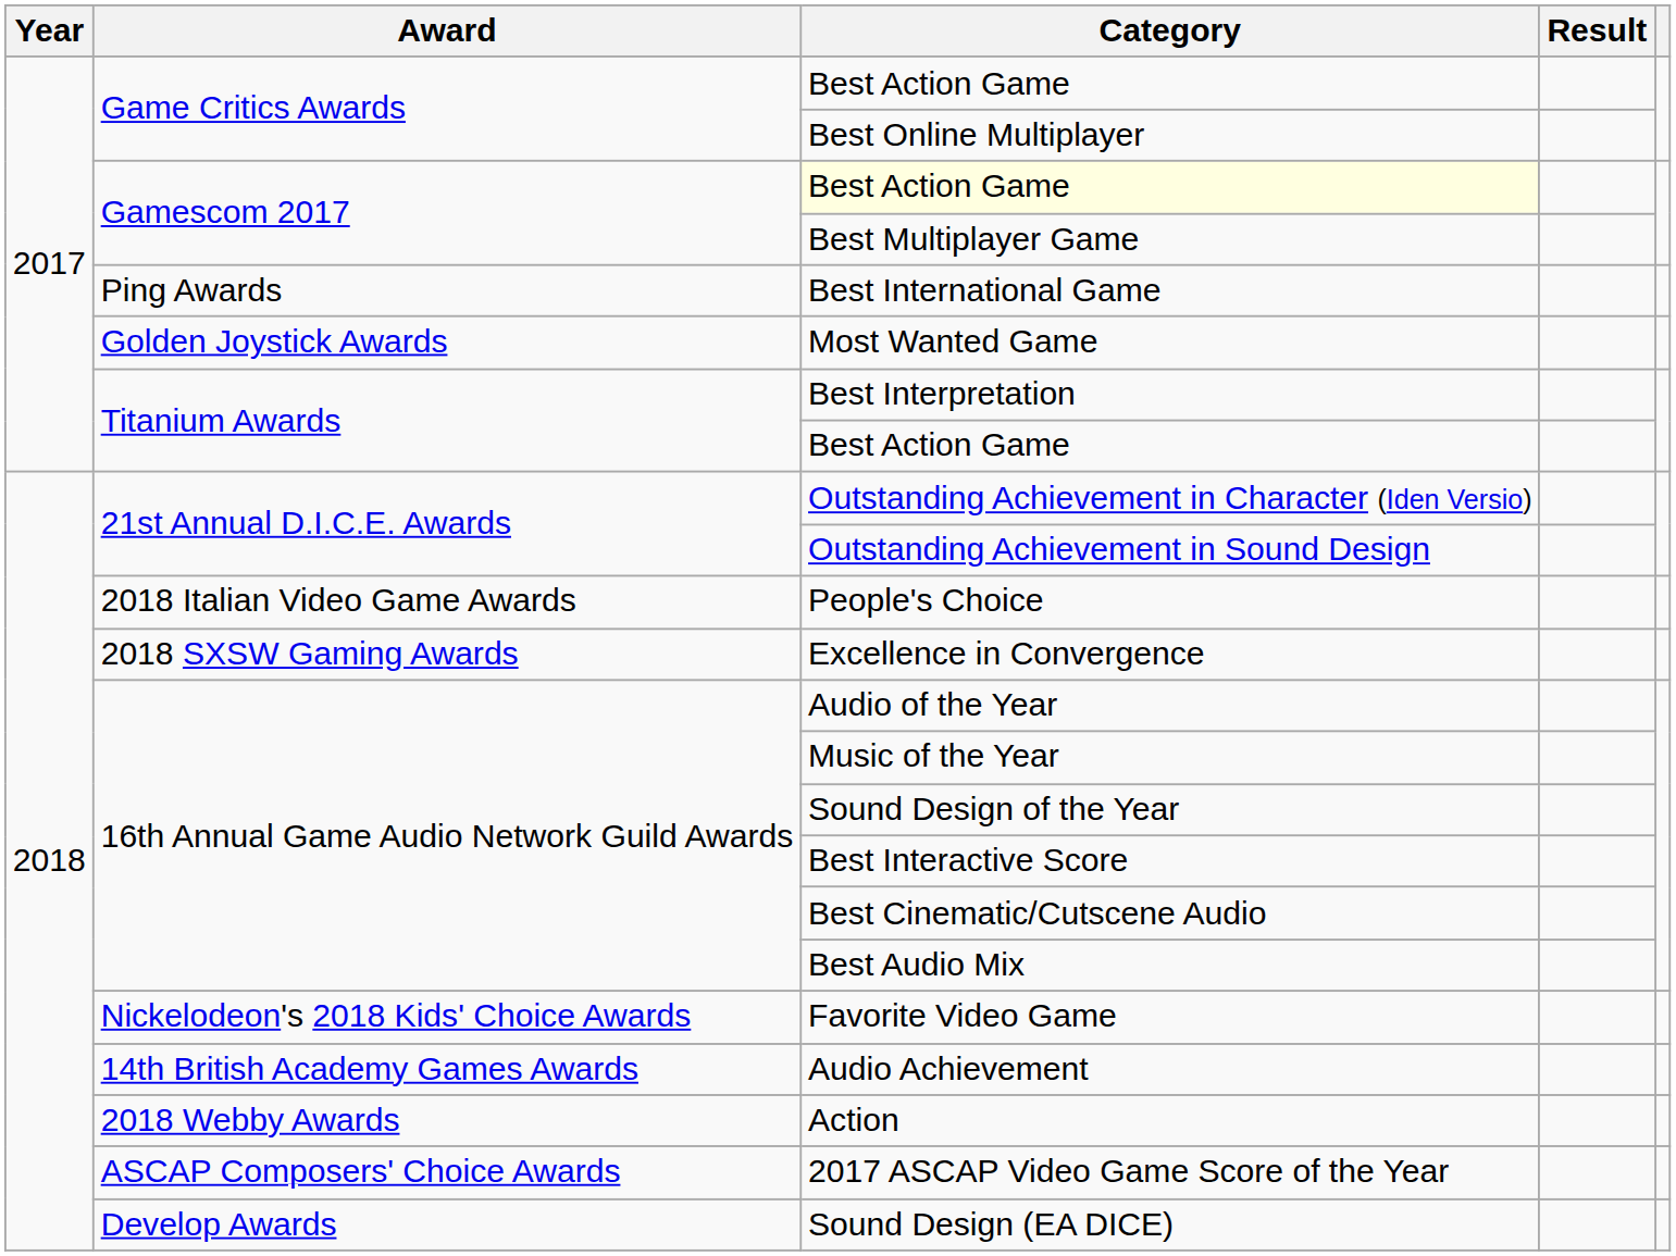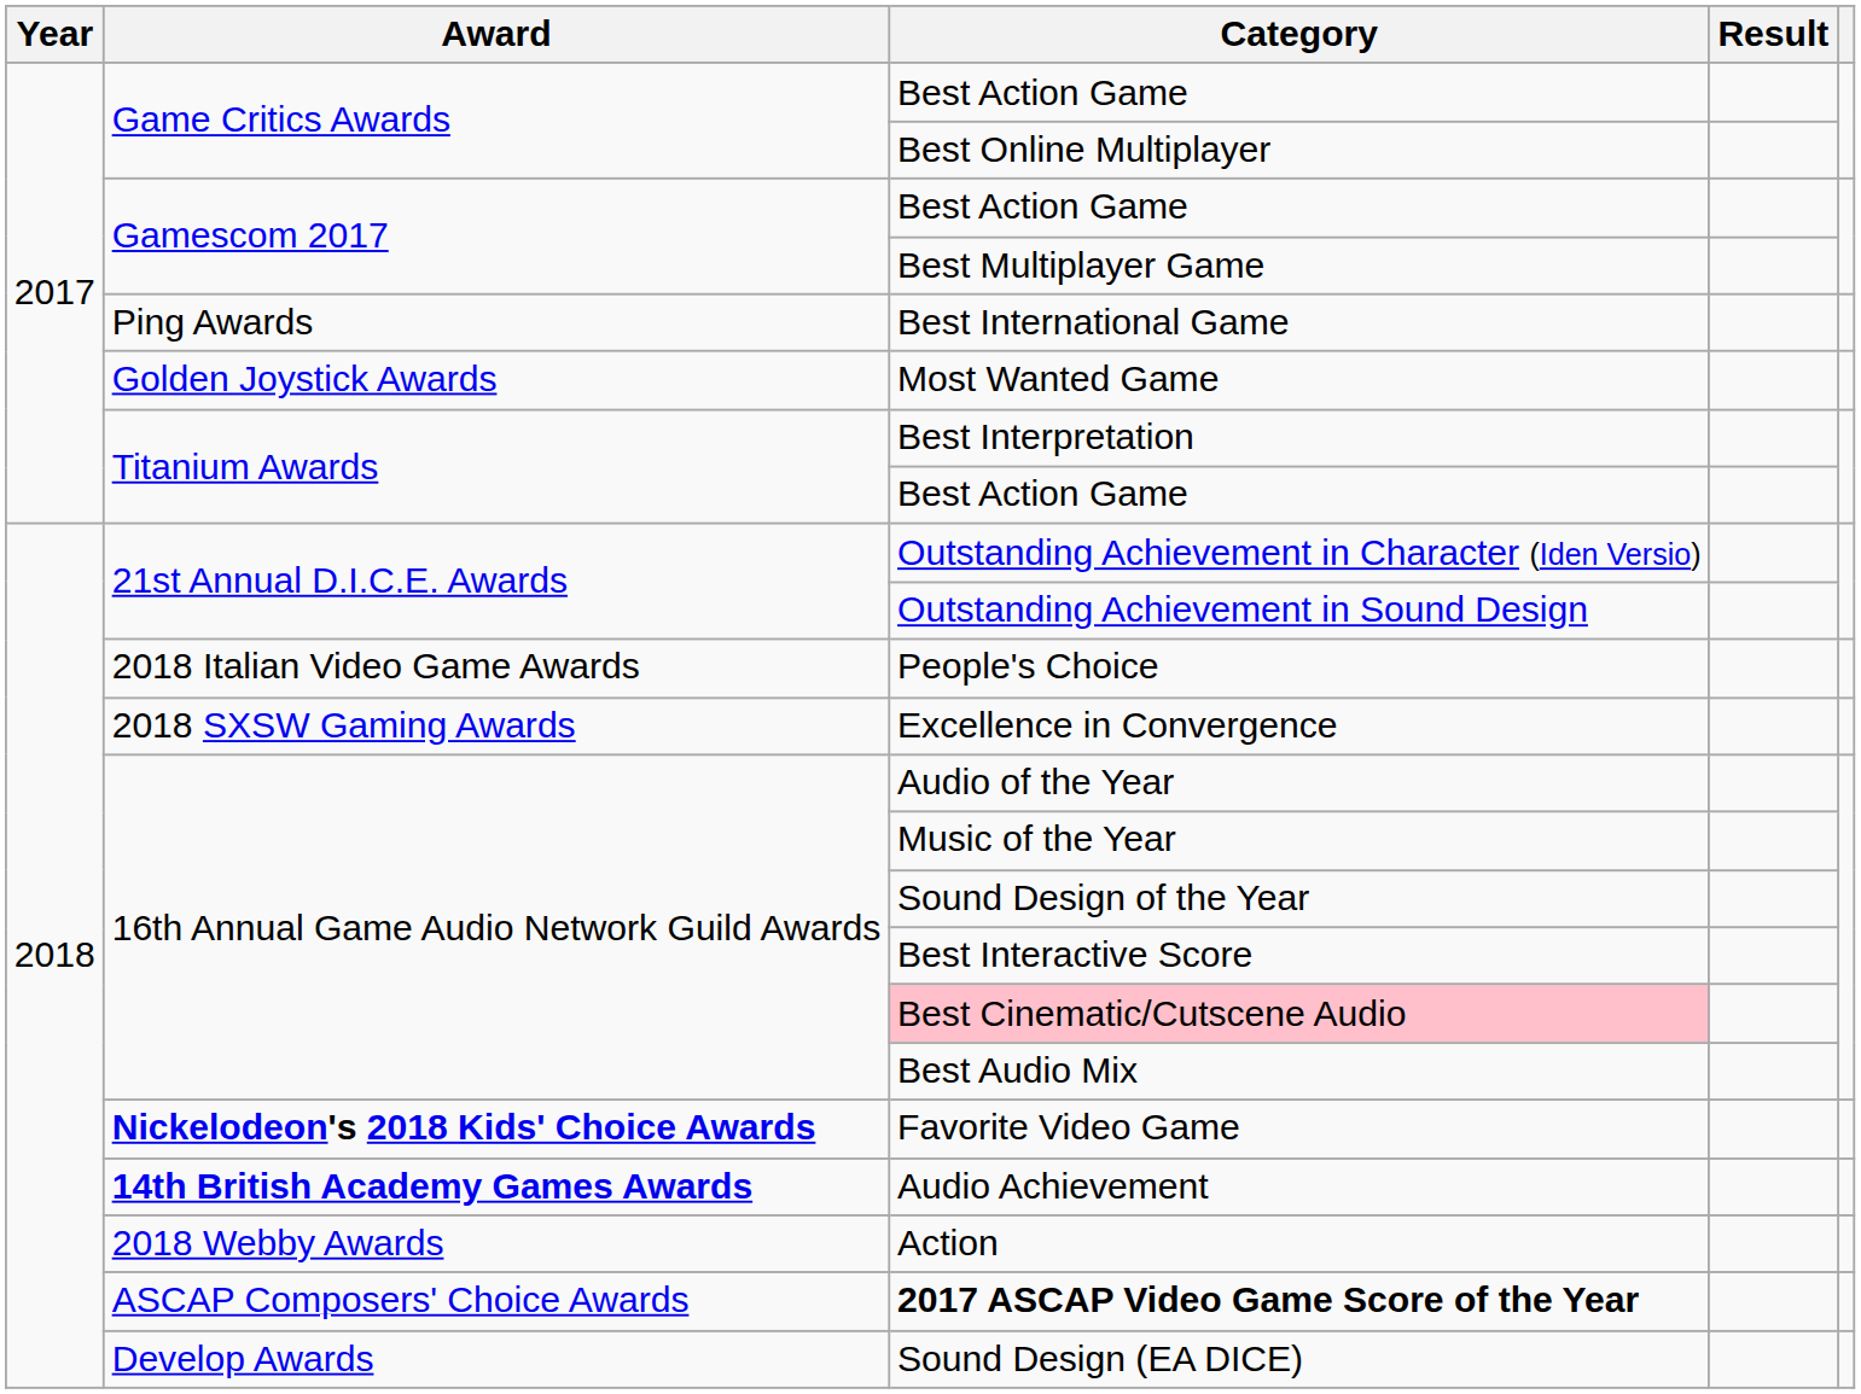 <table class="wikitable sortable">
 <tr>
 <th>Year</th>
 <th>Award</th>
 <th>Category</th>
 <th>Result</th>
 <th></th>
 </tr>
 <tr>
 <td style="text-align:center;" rowspan="8">2017</td>
 <td rowspan="2"><a href='#'>Game Critics Awards</a></td>
 <td>Best Action Game</td>
 <td></td>
 <td rowspan="2" style="text-align:center;"></td>
 </tr>
 <tr>
 <td>Best Online Multiplayer</td>
 <td></td>
 </tr>
 <tr>
 <td rowspan="2"><a href='#'>Gamescom 2017</a></td>
-<td style="background: lightyellow;">Best Action Game</td>
+<td>Best Action Game</td>
 <td></td>
 <td rowspan="2" style="text-align:center;"></td>
 </tr>
 <tr>
 <td>Best Multiplayer Game</td>
 <td></td>
 </tr>
 <tr>
 <td rowspan="1">Ping Awards</td>
 <td>Best International Game</td>
 <td></td>
 <td rowspan="1" style="text-align:center;"></td>
 </tr>
 <tr>
 <td rowspan="1"><a href='#'>Golden Joystick Awards</a></td>
 <td>Most Wanted Game</td>
 <td></td>
 <td rowspan="1" style="text-align:center;"></td>
 </tr>
 <tr>
 <td rowspan="2"><a href='#'>Titanium Awards</a></td>
 <td>Best Interpretation</td>
 <td></td>
 <td rowspan="2" style="text-align:center;"></td>
 </tr>
 <tr>
 <td>Best Action Game</td>
 <td></td>
 </tr>
 <tr>
 <td style="text-align:center;" rowspan="15">2018</td>
 <td rowspan="2"><a href='#'>21st Annual D.I.C.E. Awards</a></td>
 <td><a href='#'>Outstanding Achievement in Character</a> <small>(<a href='#'>Iden Versio</a>)</small></td>
 <td></td>
 <td rowspan="2" style="text-align:center;"></td>
 </tr>
 <tr>
 <td><a href='#'>Outstanding Achievement in Sound Design</a></td>
 <td></td>
 </tr>
 <tr>
 <td rowspan="1">2018 Italian Video Game Awards</td>
 <td>People's Choice</td>
 <td></td>
 <td rowspan="1" style="text-align:center;"></td>
 </tr>
 <tr>
 <td rowspan="1">2018 <a href='#'>SXSW Gaming Awards</a></td>
 <td>Excellence in Convergence</td>
 <td></td>
 <td rowspan="1" style="text-align:center;"></td>
 </tr>
 <tr>
 <td rowspan="6">16th Annual Game Audio Network Guild Awards</td>
 <td>Audio of the Year</td>
 <td></td>
 <td rowspan="6" style="text-align:center;"></td>
 </tr>
 <tr>
 <td>Music of the Year</td>
 <td></td>
 </tr>
 <tr>
 <td>Sound Design of the Year</td>
 <td></td>
 </tr>
 <tr>
 <td>Best Interactive Score</td>
 <td></td>
 </tr>
 <tr>
-<td>Best Cinematic/Cutscene Audio</td>
+<td style="background: pink;">Best Cinematic/Cutscene Audio</td>
 <td></td>
 </tr>
 <tr>
 <td>Best Audio Mix</td>
 <td></td>
 </tr>
 <tr>
-<td rowspan="1"><a href='#'>Nickelodeon</a>'s <a href='#'>2018 Kids' Choice Awards</a></td>
+<td rowspan="1"><strong><a href='#'>Nickelodeon</a>'s <a href='#'>2018 Kids' Choice Awards</a></strong></td>
 <td>Favorite Video Game</td>
 <td></td>
 <td rowspan="1" style="text-align:center;"></td>
 </tr>
 <tr>
-<td rowspan="1"><a href='#'>14th British Academy Games Awards</a></td>
+<td rowspan="1"><strong><a href='#'>14th British Academy Games Awards</a></strong></td>
 <td>Audio Achievement</td>
 <td></td>
 <td rowspan="1" style="text-align:center;"></td>
 </tr>
 <tr>
 <td rowspan="1"><a href='#'>2018 Webby Awards</a></td>
 <td>Action</td>
 <td></td>
 <td rowspan="1" style="text-align:center;"></td>
 </tr>
 <tr>
 <td rowspan="1"><a href='#'>ASCAP Composers' Choice Awards</a></td>
-<td>2017 ASCAP Video Game Score of the Year</td>
+<td><strong>2017 ASCAP Video Game Score of the Year</strong></td>
 <td></td>
 <td rowspan="1" style="text-align:center;"></td>
 </tr>
 <tr>
 <td rowspan="1"><a href='#'>Develop Awards</a></td>
 <td>Sound Design (EA DICE)</td>
 <td></td>
 <td rowspan="1" style="text-align:center;"></td>
 </tr>
 </table>
